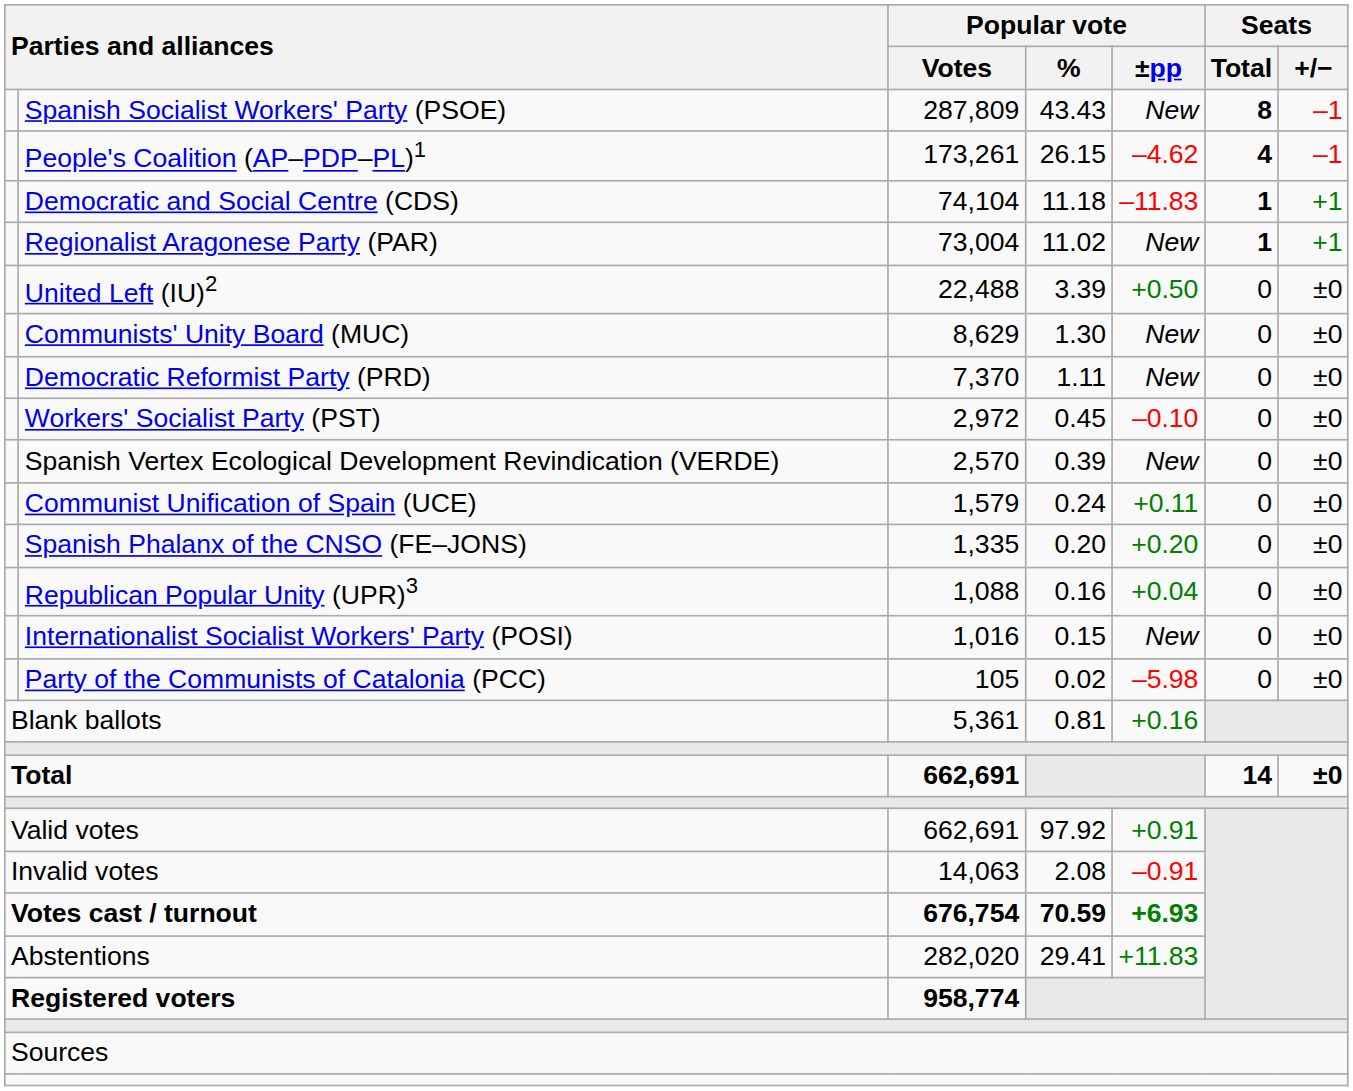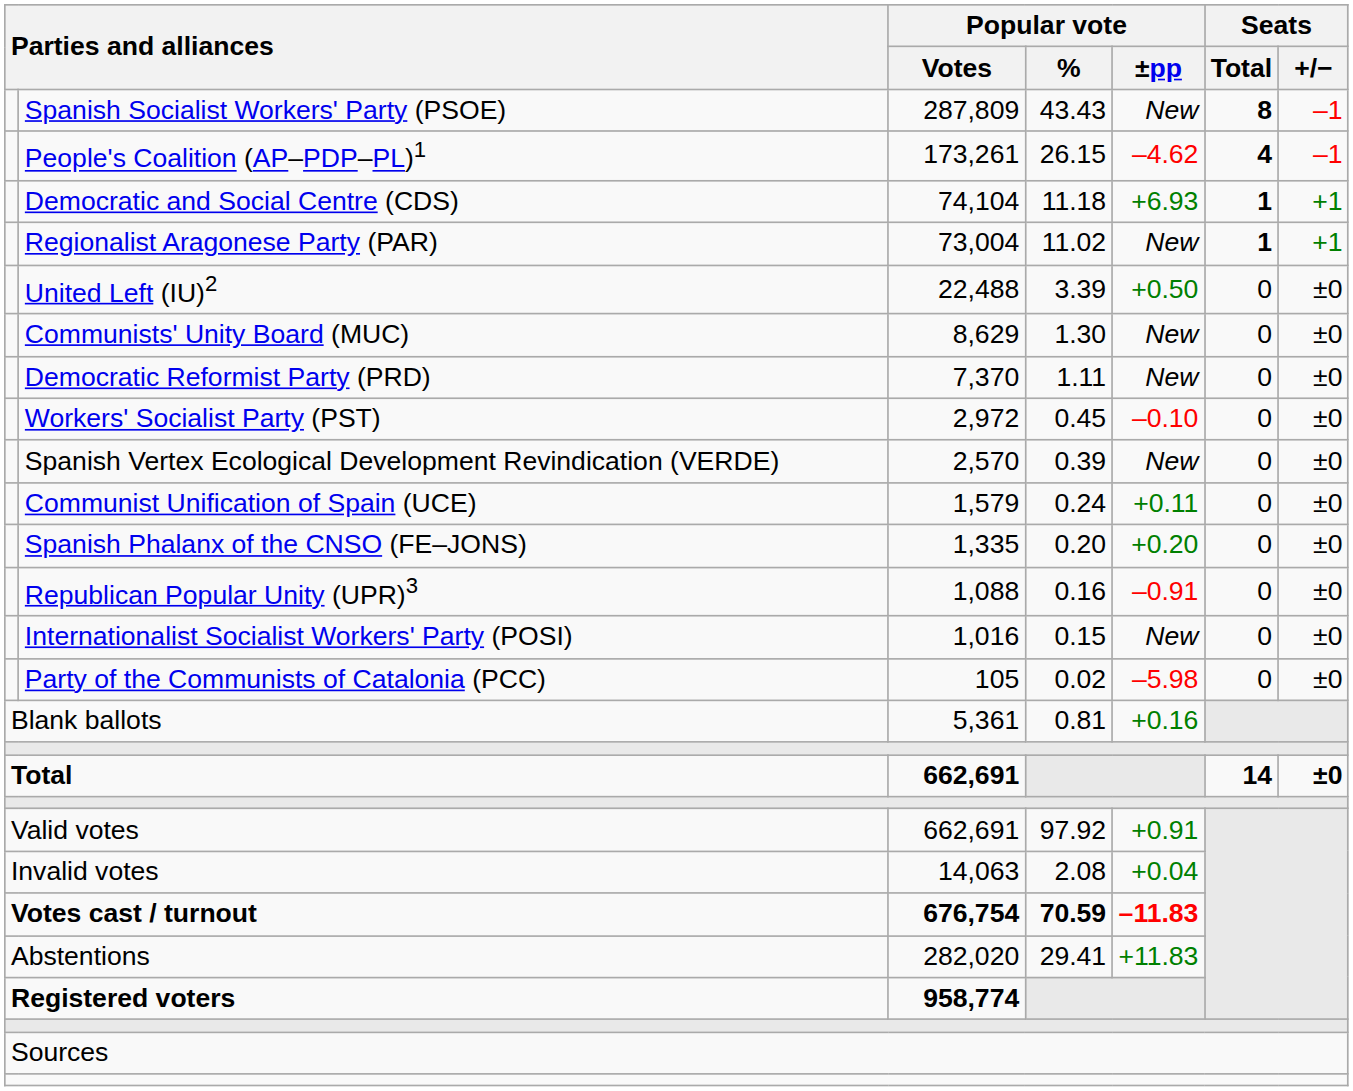 <table class="wikitable" style="text-align:right;">
 <tr>
 <th style="text-align:left;" rowspan="2" colspan="2" width="525">Parties and alliances</th>
 <th colspan="3">Popular vote</th>
 <th colspan="2">Seats</th>
 </tr>
 <tr>
 <th width="75">Votes</th>
 <th width="45">%</th>
 <th width="45">±<a href='#'>pp</a></th>
 <th width="35">Total</th>
 <th width="35">+/−</th>
 </tr>
 <tr>
 <td width="1" style="color:inherit;background:"></td>
 <td align="left"><a href='#'>Spanish Socialist Workers' Party</a> (PSOE)</td>
 <td>287,809</td>
 <td>43.43</td>
 <td><em>New</em></td>
 <td><strong>8</strong></td>
 <td style="color:red;">–1</td>
 </tr>
 <tr>
 <td style="color:inherit;background:"></td>
 <td align="left"><a href='#'>People's Coalition</a> (<a href='#'>AP</a>–<a href='#'>PDP</a>–<a href='#'>PL</a>)<sup>1</sup></td>
 <td>173,261</td>
 <td>26.15</td>
 <td style="color:red;">–4.62</td>
 <td><strong>4</strong></td>
 <td style="color:red;">–1</td>
 </tr>
 <tr>
 <td style="color:inherit;background:"></td>
 <td align="left"><a href='#'>Democratic and Social Centre</a> (CDS)</td>
 <td>74,104</td>
 <td>11.18</td>
-<td style="color:red;">–11.83</td>
+<td style="color:green;">+6.93</td>
 <td><strong>1</strong></td>
 <td style="color:green;">+1</td>
 </tr>
 <tr>
 <td style="color:inherit;background:"></td>
 <td align="left"><a href='#'>Regionalist Aragonese Party</a> (PAR)</td>
 <td>73,004</td>
 <td>11.02</td>
 <td><em>New</em></td>
 <td><strong>1</strong></td>
 <td style="color:green;">+1</td>
 </tr>
 <tr>
 <td style="color:inherit;background:"></td>
 <td align="left"><a href='#'>United Left</a> (IU)<sup>2</sup></td>
 <td>22,488</td>
 <td>3.39</td>
 <td style="color:green;">+0.50</td>
 <td>0</td>
 <td>±0</td>
 </tr>
 <tr>
 <td style="color:inherit;background:"></td>
 <td align="left"><a href='#'>Communists' Unity Board</a> (MUC)</td>
 <td>8,629</td>
 <td>1.30</td>
 <td><em>New</em></td>
 <td>0</td>
 <td>±0</td>
 </tr>
 <tr>
 <td style="color:inherit;background:"></td>
 <td align="left"><a href='#'>Democratic Reformist Party</a> (PRD)</td>
 <td>7,370</td>
 <td>1.11</td>
 <td><em>New</em></td>
 <td>0</td>
 <td>±0</td>
 </tr>
 <tr>
 <td style="color:inherit;background:"></td>
 <td align="left"><a href='#'>Workers' Socialist Party</a> (PST)</td>
 <td>2,972</td>
 <td>0.45</td>
 <td style="color:red;">–0.10</td>
 <td>0</td>
 <td>±0</td>
 </tr>
 <tr>
 <td style="color:inherit;background:"></td>
 <td align="left">Spanish Vertex Ecological Development Revindication (VERDE)</td>
 <td>2,570</td>
 <td>0.39</td>
 <td><em>New</em></td>
 <td>0</td>
 <td>±0</td>
 </tr>
 <tr>
 <td style="color:inherit;background:"></td>
 <td align="left"><a href='#'>Communist Unification of Spain</a> (UCE)</td>
 <td>1,579</td>
 <td>0.24</td>
 <td style="color:green;">+0.11</td>
 <td>0</td>
 <td>±0</td>
 </tr>
 <tr>
 <td style="color:inherit;background:"></td>
 <td align="left"><a href='#'>Spanish Phalanx of the CNSO</a> (FE–JONS)</td>
 <td>1,335</td>
 <td>0.20</td>
 <td style="color:green;">+0.20</td>
 <td>0</td>
 <td>±0</td>
 </tr>
 <tr>
 <td style="color:inherit;background:"></td>
 <td align="left"><a href='#'>Republican Popular Unity</a> (UPR)<sup>3</sup></td>
 <td>1,088</td>
 <td>0.16</td>
-<td style="color:green;">+0.04</td>
+<td style="color:red;">–0.91</td>
 <td>0</td>
 <td>±0</td>
 </tr>
 <tr>
 <td style="color:inherit;background:"></td>
 <td align="left"><a href='#'>Internationalist Socialist Workers' Party</a> (POSI)</td>
 <td>1,016</td>
 <td>0.15</td>
 <td><em>New</em></td>
 <td>0</td>
 <td>±0</td>
 </tr>
 <tr>
 <td style="color:inherit;background:"></td>
 <td align="left"><a href='#'>Party of the Communists of Catalonia</a> (PCC)</td>
 <td>105</td>
 <td>0.02</td>
 <td style="color:red;">–5.98</td>
 <td>0</td>
 <td>±0</td>
 </tr>
 <tr>
 <td align="left" colspan="2">Blank ballots</td>
 <td>5,361</td>
 <td>0.81</td>
 <td style="color:green;">+0.16</td>
 <td bgcolor="#E9E9E9" colspan="2"></td>
 </tr>
 <tr>
 <td colspan="7" bgcolor="#E9E9E9"></td>
 </tr>
 <tr style="font-weight:bold;">
 <td align="left" colspan="2">Total</td>
 <td>662,691</td>
 <td bgcolor="#E9E9E9" colspan="2"></td>
 <td>14</td>
 <td>±0</td>
 </tr>
 <tr>
 <td colspan="7" bgcolor="#E9E9E9"></td>
 </tr>
 <tr>
 <td align="left" colspan="2">Valid votes</td>
 <td>662,691</td>
 <td>97.92</td>
 <td style="color:green;">+0.91</td>
 <td bgcolor="#E9E9E9" colspan="2" rowspan="5"></td>
 </tr>
 <tr>
 <td align="left" colspan="2">Invalid votes</td>
 <td>14,063</td>
 <td>2.08</td>
-<td style="color:red;">–0.91</td>
+<td style="color:green;">+0.04</td>
 </tr>
 <tr style="font-weight:bold;">
 <td align="left" colspan="2">Votes cast / turnout</td>
 <td>676,754</td>
 <td>70.59</td>
-<td style="color:green;">+6.93</td>
+<td style="color:red;">–11.83</td>
 </tr>
 <tr>
 <td align="left" colspan="2">Abstentions</td>
 <td>282,020</td>
 <td>29.41</td>
 <td style="color:green;">+11.83</td>
 </tr>
 <tr style="font-weight:bold;">
 <td align="left" colspan="2">Registered voters</td>
 <td>958,774</td>
 <td bgcolor="#E9E9E9" colspan="2"></td>
 </tr>
 <tr>
 <td colspan="7" bgcolor="#E9E9E9"></td>
 </tr>
 <tr>
 <td align="left" colspan="7">Sources</td>
 </tr>
 <tr>
 <td colspan="7" style="text-align:left; max-width:790px;"></td>
 </tr>
 </table>
